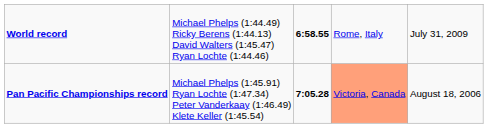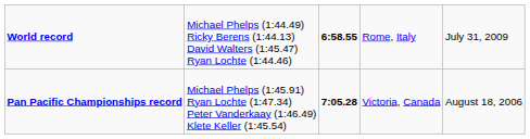 <table class="wikitable">
 <tr>
 <td><strong><a href='#'>World record</a></strong></td>
 <td><br><a href='#'>Michael Phelps</a> (1:44.49)<br><a href='#'>Ricky Berens</a> (1:44.13)<br><a href='#'>David Walters</a> (1:45.47)<br><a href='#'>Ryan Lochte</a> (1:44.46)</td>
 <td><strong>6:58.55</strong></td>
 <td><a href='#'>Rome</a>, <a href='#'>Italy</a></td>
 <td>July 31, 2009</td>
 </tr>
 <tr>
 <td><strong><a href='#'>Pan Pacific Championships record</a></strong></td>
 <td><br><a href='#'>Michael Phelps</a> (1:45.91)<br><a href='#'>Ryan Lochte</a> (1:47.34)<br><a href='#'>Peter Vanderkaay</a> (1:46.49)<br><a href='#'>Klete Keller</a> (1:45.54)</td>
 <td><strong>7:05.28</strong></td>
-<td style="background: lightsalmon;"><a href='#'>Victoria</a>, <a href='#'>Canada</a></td>
+<td><a href='#'>Victoria</a>, <a href='#'>Canada</a></td>
 <td>August 18, 2006</td>
 </tr>
 </table>
